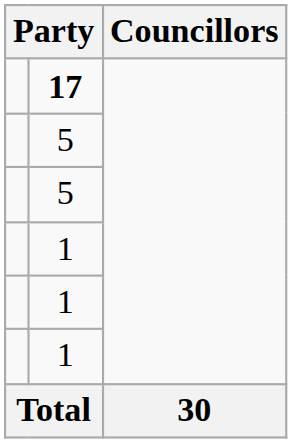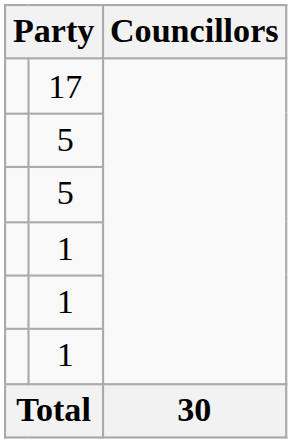 <table class="wikitable">
 <tr>
 <th colspan=2>Party</th>
 <th>Councillors</th>
 </tr>
 <tr>
 <td></td>
-<td align=center><strong>17</strong></td>
+<td align=center>17</td>
 </tr>
 <tr>
 <td></td>
 <td align=center>5</td>
 </tr>
 <tr>
 <td></td>
 <td align=center>5</td>
 </tr>
 <tr>
 <td></td>
 <td align=center>1</td>
 </tr>
 <tr>
 <td></td>
 <td align=center>1</td>
 </tr>
 <tr>
 <td></td>
 <td align=center>1</td>
 </tr>
 <tr>
 <th colspan=2>Total</th>
 <th align=center>30</th>
 </tr>
 </table>
